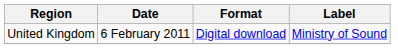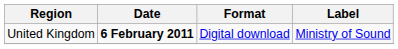 <table class="wikitable">
 <tr>
 <th>Region</th>
 <th>Date</th>
 <th>Format</th>
 <th>Label</th>
 </tr>
 <tr>
 <td>United Kingdom</td>
-<td>6 February 2011</td>
+<td><strong>6 February 2011</strong></td>
 <td><a href='#'>Digital download</a></td>
 <td><a href='#'>Ministry of Sound</a></td>
 </tr>
 <tr>
 </tr>
 </table>
